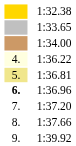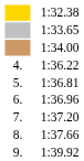 <table style="text-align:center">
 <tr>
 <td width=30 bgcolor=gold></td>
 <td align=left></td>
 <td width=60>1:32.38</td>
 </tr>
 <tr>
 <td bgcolor=silver></td>
 <td align=left></td>
 <td>1:33.65</td>
 </tr>
 <tr>
 <td bgcolor=cc9966></td>
 <td align=left></td>
 <td>1:34.00</td>
 </tr>
 <tr>
-<td style="background: lightyellow;">4.</td>
+<td>4.</td>
 <td align=left></td>
 <td>1:36.22</td>
 </tr>
 <tr>
-<td style="background: khaki;">5.</td>
+<td>5.</td>
 <td align=left></td>
 <td>1:36.81</td>
 </tr>
 <tr>
-<td><strong>6.</strong></td>
+<td>6.</td>
 <td align=left></td>
 <td>1:36.96</td>
 </tr>
 <tr>
 <td>7.</td>
 <td align=left></td>
 <td>1:37.20</td>
 </tr>
 <tr>
 <td>8.</td>
 <td align=left></td>
 <td>1:37.66</td>
 </tr>
 <tr>
 <td>9.</td>
 <td align=left></td>
 <td>1:39.92</td>
 </tr>
 </table>
